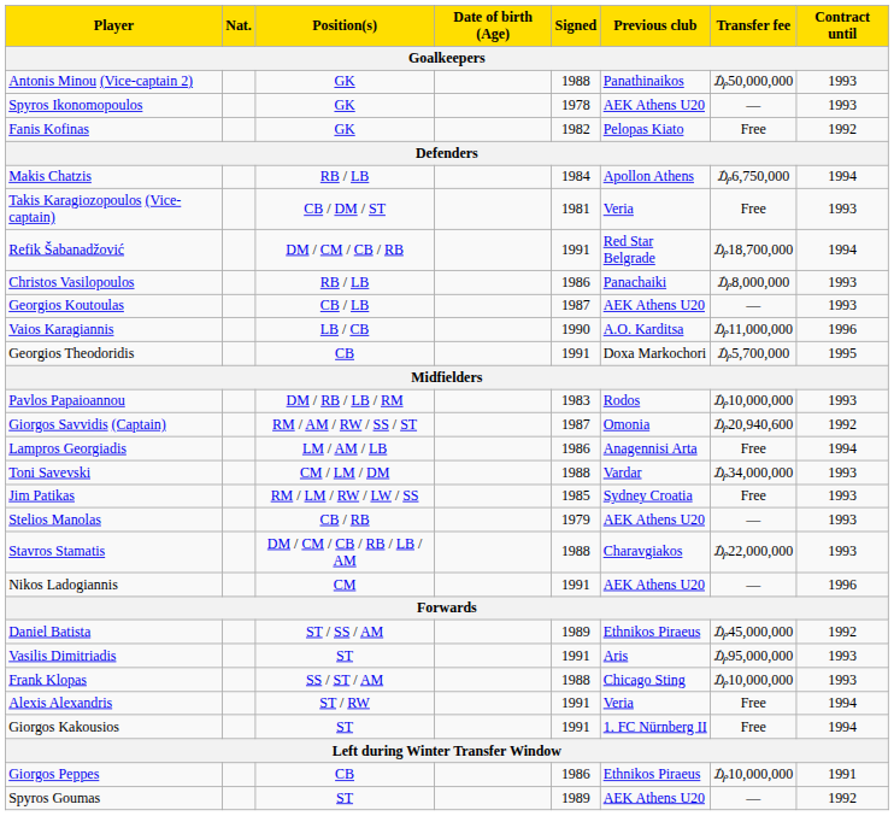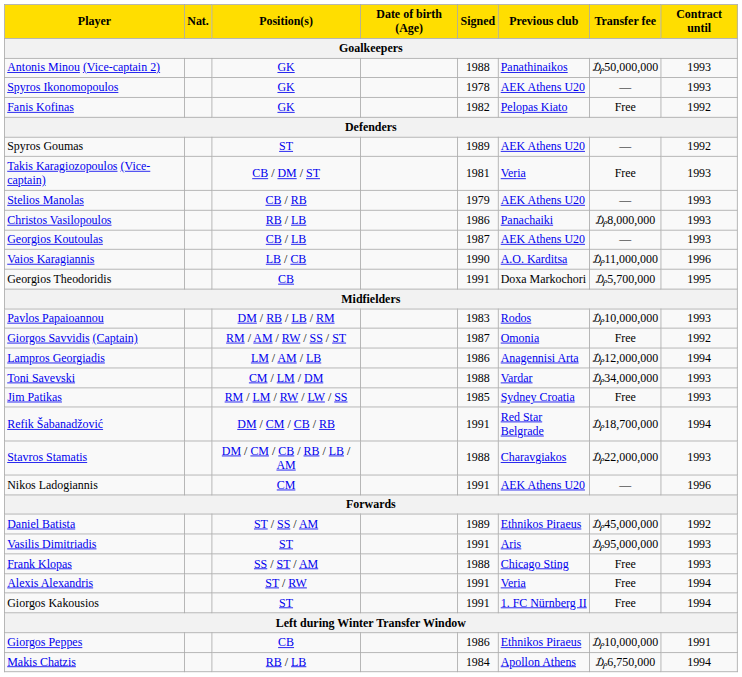 <table class="wikitable" style="text-align:center; font-size:90%;width:100%;">
 <tr>
 <th style="background:#FFDE00">Player</th>
 <th style="background:#FFDE00">Nat.</th>
 <th style="background:#FFDE00">Position(s)</th>
 <th style="background:#FFDE00">Date of birth (Age)</th>
 <th style="background:#FFDE00">Signed</th>
 <th style="background:#FFDE00">Previous club</th>
 <th style="background:#FFDE00">Transfer fee</th>
 <th style="background:#FFDE00">Contract until</th>
 </tr>
 <tr>
 <th colspan="8">Goalkeepers</th>
 </tr>
 <tr>
 <td align=left><a href='#'>Antonis Minou</a> <a href='#'>(Vice-captain 2)</a></td>
 <td></td>
 <td><a href='#'>GK</a></td>
 <td></td>
 <td>1988</td>
 <td align=left> <a href='#'>Panathinaikos</a></td>
 <td>₯50,000,000</td>
 <td>1993</td>
 </tr>
 <tr>
 <td align=left><a href='#'>Spyros Ikonomopoulos</a></td>
 <td></td>
 <td><a href='#'>GK</a></td>
 <td></td>
 <td>1978</td>
 <td align=left> <a href='#'>AEK Athens U20</a></td>
 <td>—</td>
 <td>1993</td>
 </tr>
 <tr>
 <td align=left><a href='#'>Fanis Kofinas</a></td>
 <td></td>
 <td><a href='#'>GK</a></td>
 <td></td>
 <td>1982</td>
 <td align=left> <a href='#'>Pelopas Kiato</a></td>
 <td>Free</td>
 <td>1992</td>
 </tr>
 <tr>
 <th colspan="8">Defenders</th>
 </tr>
 <tr>
-<td align=left><a href='#'>Makis Chatzis</a></td>
+<td align=left>Spyros Goumas</td>
 <td></td>
-<td><a href='#'>RB</a> / <a href='#'>LB</a></td>
+<td><a href='#'>ST</a></td>
 <td></td>
-<td>1984</td>
-<td align=left> <a href='#'>Apollon Athens</a></td>
-<td>₯6,750,000</td>
-<td>1994</td>
+<td>1989</td>
+<td align=left> <a href='#'>AEK Athens U20</a></td>
+<td>—</td>
+<td>1992</td>
 </tr>
 <tr>
 <td align=left><a href='#'>Takis Karagiozopoulos</a> <a href='#'>(Vice-captain)</a></td>
 <td></td>
 <td><a href='#'>CB</a> / <a href='#'>DM</a> / <a href='#'>ST</a></td>
 <td></td>
 <td>1981</td>
 <td align=left> <a href='#'>Veria</a></td>
 <td>Free</td>
 <td>1993</td>
 </tr>
 <tr>
-<td align=left><a href='#'>Refik Šabanadžović</a></td>
+<td align=left><a href='#'>Stelios Manolas</a></td>
 <td></td>
-<td><a href='#'>DM</a> / <a href='#'>CM</a> / <a href='#'>CB</a> / <a href='#'>RB</a></td>
+<td><a href='#'>CB</a> / <a href='#'>RB</a></td>
 <td></td>
-<td>1991</td>
-<td align=left> <a href='#'>Red Star Belgrade</a></td>
-<td>₯18,700,000</td>
-<td>1994</td>
+<td>1979</td>
+<td align=left> <a href='#'>AEK Athens U20</a></td>
+<td>—</td>
+<td>1993</td>
 </tr>
 <tr>
 <td align=left><a href='#'>Christos Vasilopoulos</a></td>
 <td></td>
 <td><a href='#'>RB</a> / <a href='#'>LB</a></td>
 <td></td>
 <td>1986</td>
 <td align=left> <a href='#'>Panachaiki</a></td>
 <td>₯8,000,000</td>
 <td>1993</td>
 </tr>
 <tr>
 <td align=left><a href='#'>Georgios Koutoulas</a></td>
 <td></td>
 <td><a href='#'>CB</a> / <a href='#'>LB</a></td>
 <td></td>
 <td>1987</td>
 <td align=left> <a href='#'>AEK Athens U20</a></td>
 <td>—</td>
 <td>1993</td>
 </tr>
 <tr>
 <td align=left><a href='#'>Vaios Karagiannis</a></td>
 <td></td>
 <td><a href='#'>LB</a> / <a href='#'>CB</a></td>
 <td></td>
 <td>1990</td>
 <td align=left> <a href='#'>A.O. Karditsa</a></td>
 <td>₯11,000,000</td>
 <td>1996</td>
 </tr>
 <tr>
 <td align=left>Georgios Theodoridis</td>
 <td></td>
 <td><a href='#'>CB</a></td>
 <td></td>
 <td>1991</td>
 <td align=left> Doxa Markochori</td>
 <td>₯5,700,000</td>
 <td>1995</td>
 </tr>
 <tr>
 <th colspan="8">Midfielders</th>
 </tr>
 <tr>
 <td align=left><a href='#'>Pavlos Papaioannou</a></td>
 <td></td>
 <td><a href='#'>DM</a> / <a href='#'>RB</a> / <a href='#'>LB</a> / <a href='#'>RM</a></td>
 <td></td>
 <td>1983</td>
 <td align=left> <a href='#'>Rodos</a></td>
 <td>₯10,000,000</td>
 <td>1993</td>
 </tr>
 <tr>
 <td align=left><a href='#'>Giorgos Savvidis</a> <a href='#'>(Captain)</a></td>
 <td></td>
 <td><a href='#'>RM</a> / <a href='#'>AM</a> / <a href='#'>RW</a> / <a href='#'>SS</a> / <a href='#'>ST</a></td>
 <td></td>
 <td>1987</td>
 <td align=left> <a href='#'>Omonia</a></td>
-<td>₯20,940,600</td>
+<td>Free</td>
 <td>1992</td>
 </tr>
 <tr>
 <td align=left><a href='#'>Lampros Georgiadis</a></td>
 <td></td>
 <td><a href='#'>LM</a> / <a href='#'>AM</a> / <a href='#'>LB</a></td>
 <td></td>
 <td>1986</td>
 <td align=left> <a href='#'>Anagennisi Arta</a></td>
-<td>Free</td>
+<td>₯12,000,000</td>
 <td>1994</td>
 </tr>
 <tr>
 <td align=left><a href='#'>Toni Savevski</a></td>
 <td></td>
 <td><a href='#'>CM</a> / <a href='#'>LM</a> / <a href='#'>DM</a></td>
 <td></td>
 <td>1988</td>
 <td align=left> <a href='#'>Vardar</a></td>
 <td>₯34,000,000</td>
 <td>1993</td>
 </tr>
 <tr>
 <td align=left><a href='#'>Jim Patikas</a></td>
 <td></td>
 <td><a href='#'>RM</a> / <a href='#'>LM</a> / <a href='#'>RW</a> / <a href='#'>LW</a> / <a href='#'>SS</a></td>
 <td></td>
 <td>1985</td>
 <td align=left> <a href='#'>Sydney Croatia</a></td>
 <td>Free</td>
 <td>1993</td>
 </tr>
 <tr>
-<td align=left><a href='#'>Stelios Manolas</a></td>
+<td align=left><a href='#'>Refik Šabanadžović</a></td>
 <td></td>
-<td><a href='#'>CB</a> / <a href='#'>RB</a></td>
+<td><a href='#'>DM</a> / <a href='#'>CM</a> / <a href='#'>CB</a> / <a href='#'>RB</a></td>
 <td></td>
-<td>1979</td>
-<td align=left> <a href='#'>AEK Athens U20</a></td>
-<td>—</td>
-<td>1993</td>
+<td>1991</td>
+<td align=left> <a href='#'>Red Star Belgrade</a></td>
+<td>₯18,700,000</td>
+<td>1994</td>
 </tr>
 <tr>
 <td align=left><a href='#'>Stavros Stamatis</a></td>
 <td></td>
 <td><a href='#'>DM</a> / <a href='#'>CM</a> / <a href='#'>CB</a> / <a href='#'>RB</a> / <a href='#'>LB</a> /  <a href='#'>AM</a></td>
 <td></td>
 <td>1988</td>
 <td align=left> <a href='#'>Charavgiakos</a></td>
 <td>₯22,000,000</td>
 <td>1993</td>
 </tr>
 <tr>
 <td align=left>Nikos Ladogiannis</td>
 <td></td>
 <td><a href='#'>CM</a></td>
 <td></td>
 <td>1991</td>
 <td align=left> <a href='#'>AEK Athens U20</a></td>
 <td>—</td>
 <td>1996</td>
 </tr>
 <tr>
 <th colspan="8">Forwards</th>
 </tr>
 <tr>
 <td align=left><a href='#'>Daniel Batista</a></td>
 <td></td>
 <td><a href='#'>ST</a> / <a href='#'>SS</a> / <a href='#'>AM</a></td>
 <td></td>
 <td>1989</td>
 <td align=left> <a href='#'>Ethnikos Piraeus</a></td>
 <td>₯45,000,000</td>
 <td>1992</td>
 </tr>
 <tr>
 <td align=left><a href='#'>Vasilis Dimitriadis</a></td>
 <td></td>
 <td><a href='#'>ST</a></td>
 <td></td>
 <td>1991</td>
 <td align=left> <a href='#'>Aris</a></td>
 <td>₯95,000,000</td>
 <td>1993</td>
 </tr>
 <tr>
 <td align=left><a href='#'>Frank Klopas</a></td>
 <td></td>
 <td><a href='#'>SS</a> / <a href='#'>ST</a> / <a href='#'>AM</a></td>
 <td></td>
 <td>1988</td>
 <td align=left> <a href='#'>Chicago Sting</a></td>
-<td>₯10,000,000</td>
+<td>Free</td>
 <td>1993</td>
 </tr>
 <tr>
 <td align=left><a href='#'>Alexis Alexandris</a></td>
 <td></td>
 <td><a href='#'>ST</a> / <a href='#'>RW</a></td>
 <td></td>
 <td>1991</td>
 <td align=left> <a href='#'>Veria</a></td>
 <td>Free</td>
 <td>1994</td>
 </tr>
 <tr>
 <td align=left>Giorgos Kakousios</td>
 <td></td>
 <td><a href='#'>ST</a></td>
 <td></td>
 <td>1991</td>
 <td align=left> <a href='#'>1. FC Nürnberg II</a></td>
 <td>Free</td>
 <td>1994</td>
 </tr>
 <tr>
 <th colspan="8">Left during Winter Transfer Window</th>
 </tr>
 <tr>
 <td align=left><a href='#'>Giorgos Peppes</a></td>
 <td></td>
 <td><a href='#'>CB</a></td>
 <td></td>
 <td>1986</td>
 <td align=left> <a href='#'>Ethnikos Piraeus</a></td>
 <td>₯10,000,000</td>
 <td>1991</td>
 </tr>
 <tr>
-<td align=left>Spyros Goumas</td>
+<td align=left><a href='#'>Makis Chatzis</a></td>
 <td></td>
-<td><a href='#'>ST</a></td>
+<td><a href='#'>RB</a> / <a href='#'>LB</a></td>
 <td></td>
-<td>1989</td>
-<td align=left> <a href='#'>AEK Athens U20</a></td>
-<td>—</td>
-<td>1992</td>
+<td>1984</td>
+<td align=left> <a href='#'>Apollon Athens</a></td>
+<td>₯6,750,000</td>
+<td>1994</td>
 </tr>
 </table>
